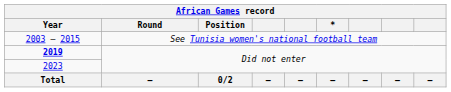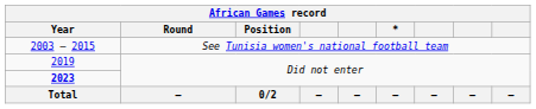 <table class="wikitable" style="font-size:90%; text-align:center;" width="50%">
 <tr>
 <th colspan="9"><a href='#'>African Games</a> record</th>
 </tr>
 <tr>
 <th width="15%">Year</th>
 <th width="15%">Round</th>
 <th width="5%">Position</th>
 <th width="5%"></th>
 <th width="5%"></th>
 <th width="5%">*</th>
 <th width="5%"></th>
 <th width="5%"></th>
 <th width="5%"></th>
 </tr>
 <tr>
 <td><a href='#'>2003</a> – <a href='#'>2015</a></td>
 <td colspan="8"><em>See</em> <em><a href='#'>Tunisia women's national football team</a></em></td>
 </tr>
 <tr>
-<td><strong> <a href='#'>2019</a></strong></td>
+<td> <a href='#'>2019</a></td>
 <td colspan="8" rowspan="2"><em>Did not enter</em></td>
 </tr>
 <tr>
-<td> <a href='#'>2023</a></td>
+<td><strong> <a href='#'>2023</a></strong></td>
 </tr>
 <tr>
 <th>Total</th>
 <th>–</th>
 <th>0/2</th>
 <th>–</th>
 <th>–</th>
 <th>–</th>
 <th>–</th>
 <th>–</th>
 <th>–</th>
 </tr>
 </table>
